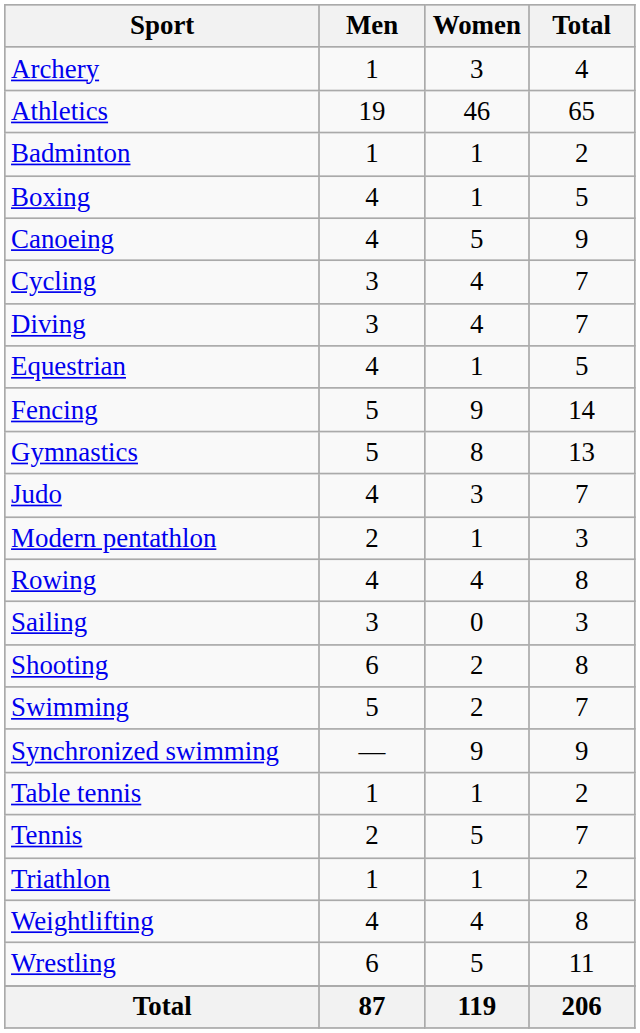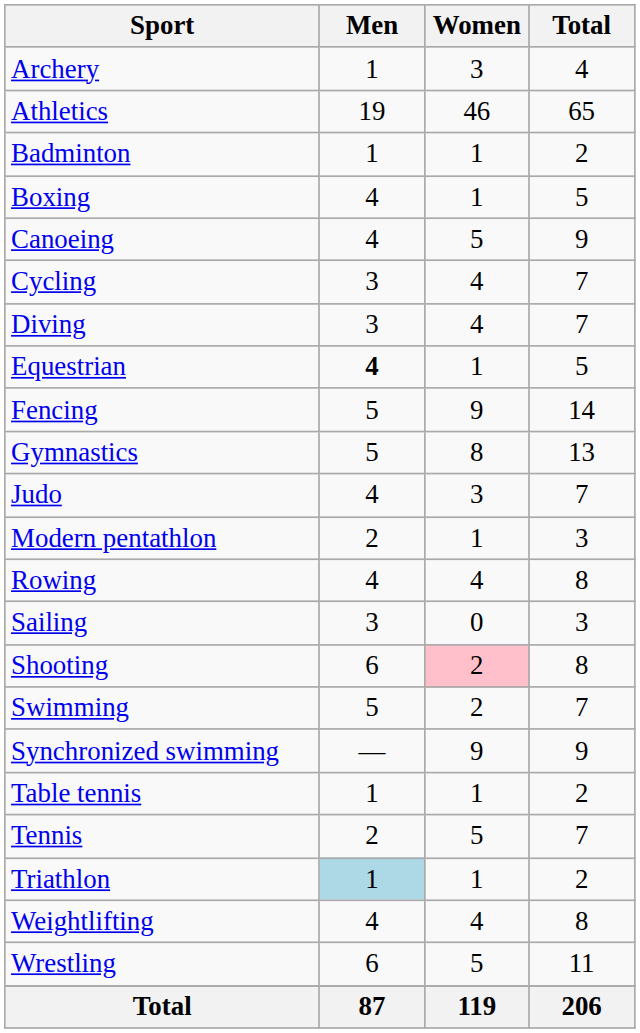 <table class="wikitable sortable" style="text-align:center;">
 <tr>
 <th width=180>Sport</th>
 <th width=55>Men</th>
 <th width=55>Women</th>
 <th width=55>Total</th>
 </tr>
 <tr>
 <td align=left><a href='#'>Archery</a></td>
 <td>1</td>
 <td>3</td>
 <td>4</td>
 </tr>
 <tr>
 <td align=left><a href='#'>Athletics</a></td>
 <td>19</td>
 <td>46</td>
 <td>65</td>
 </tr>
 <tr>
 <td align=left><a href='#'>Badminton</a></td>
 <td>1</td>
 <td>1</td>
 <td>2</td>
 </tr>
 <tr>
 <td align=left><a href='#'>Boxing</a></td>
 <td>4</td>
 <td>1</td>
 <td>5</td>
 </tr>
 <tr>
 <td align=left><a href='#'>Canoeing</a></td>
 <td>4</td>
 <td>5</td>
 <td>9</td>
 </tr>
 <tr>
 <td align=left><a href='#'>Cycling</a></td>
 <td>3</td>
 <td>4</td>
 <td>7</td>
 </tr>
 <tr>
 <td align=left><a href='#'>Diving</a></td>
 <td>3</td>
 <td>4</td>
 <td>7</td>
 </tr>
 <tr>
 <td align=left><a href='#'>Equestrian</a></td>
-<td>4</td>
+<td><strong>4</strong></td>
 <td>1</td>
 <td>5</td>
 </tr>
 <tr>
 <td align=left><a href='#'>Fencing</a></td>
 <td>5</td>
 <td>9</td>
 <td>14</td>
 </tr>
 <tr>
 <td align=left><a href='#'>Gymnastics</a></td>
 <td>5</td>
 <td>8</td>
 <td>13</td>
 </tr>
 <tr>
 <td align=left><a href='#'>Judo</a></td>
 <td>4</td>
 <td>3</td>
 <td>7</td>
 </tr>
 <tr>
 <td align=left><a href='#'>Modern pentathlon</a></td>
 <td>2</td>
 <td>1</td>
 <td>3</td>
 </tr>
 <tr>
 <td align=left><a href='#'>Rowing</a></td>
 <td>4</td>
 <td>4</td>
 <td>8</td>
 </tr>
 <tr>
 <td align=left><a href='#'>Sailing</a></td>
 <td>3</td>
 <td>0</td>
 <td>3</td>
 </tr>
 <tr>
 <td align=left><a href='#'>Shooting</a></td>
 <td>6</td>
-<td>2</td>
+<td style="background: pink;">2</td>
 <td>8</td>
 </tr>
 <tr>
 <td align=left><a href='#'>Swimming</a></td>
 <td>5</td>
 <td>2</td>
 <td>7</td>
 </tr>
 <tr>
 <td align=left><a href='#'>Synchronized swimming</a></td>
 <td>—</td>
 <td>9</td>
 <td>9</td>
 </tr>
 <tr>
 <td align=left><a href='#'>Table tennis</a></td>
 <td>1</td>
 <td>1</td>
 <td>2</td>
 </tr>
 <tr>
 <td align=left><a href='#'>Tennis</a></td>
 <td>2</td>
 <td>5</td>
 <td>7</td>
 </tr>
 <tr>
 <td align=left><a href='#'>Triathlon</a></td>
-<td>1</td>
+<td style="background: lightblue;">1</td>
 <td>1</td>
 <td>2</td>
 </tr>
 <tr>
 <td align=left><a href='#'>Weightlifting</a></td>
 <td>4</td>
 <td>4</td>
 <td>8</td>
 </tr>
 <tr>
 <td align=left><a href='#'>Wrestling</a></td>
 <td>6</td>
 <td>5</td>
 <td>11</td>
 </tr>
 <tr>
 </tr>
 <tr class="sortbottom">
 <th>Total</th>
 <th>87</th>
 <th>119</th>
 <th>206</th>
 </tr>
 </table>
